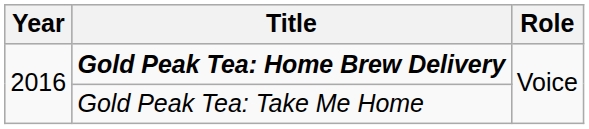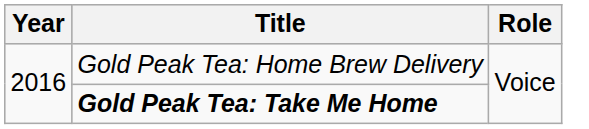 <table class="wikitable sortable">
 <tr>
 <th>Year</th>
 <th>Title</th>
 <th>Role</th>
 </tr>
 <tr>
 <td rowspan="2">2016</td>
-<td><strong><em>Gold Peak Tea: Home Brew Delivery</em></strong></td>
+<td><em>Gold Peak Tea: Home Brew Delivery</em></td>
 <td rowspan="2">Voice</td>
 </tr>
 <tr>
-<td><em>Gold Peak Tea: Take Me Home</em></td>
+<td><strong><em>Gold Peak Tea: Take Me Home</em></strong></td>
 </tr>
 </table>
